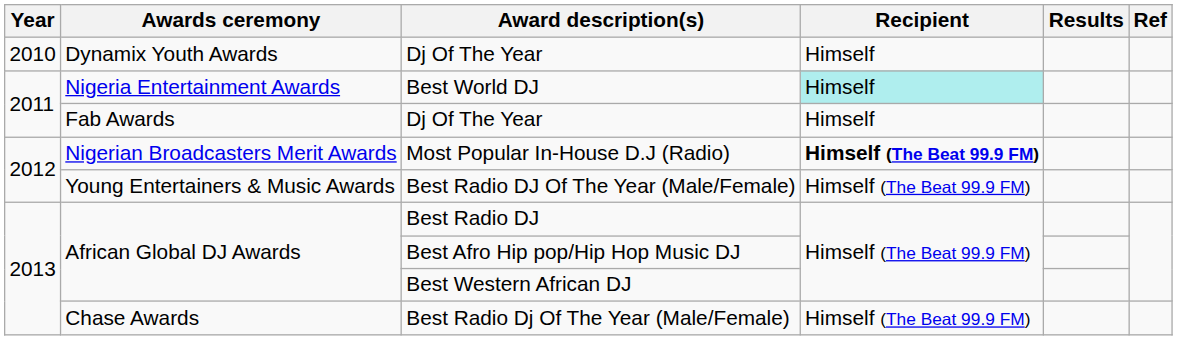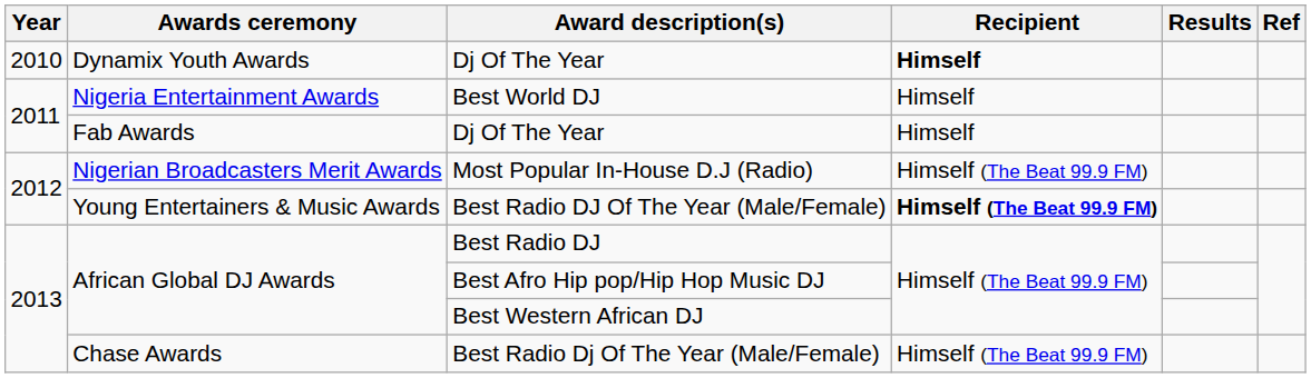 <table class="wikitable">
 <tr>
 <th>Year</th>
 <th>Awards ceremony</th>
 <th>Award description(s)</th>
 <th>Recipient</th>
 <th>Results</th>
 <th>Ref</th>
 </tr>
 <tr>
 <td>2010</td>
 <td>Dynamix Youth Awards</td>
 <td>Dj Of The Year</td>
-<td>Himself</td>
+<td><strong>Himself</strong></td>
 <td></td>
 <td></td>
 </tr>
 <tr>
 <td rowspan="2">2011</td>
 <td><a href='#'>Nigeria Entertainment Awards</a></td>
 <td>Best World DJ</td>
-<td style="background: paleturquoise;">Himself</td>
+<td>Himself</td>
 <td></td>
 <td></td>
 </tr>
 <tr>
 <td>Fab Awards</td>
 <td>Dj Of The Year</td>
 <td>Himself</td>
 <td></td>
 <td></td>
 </tr>
 <tr>
 <td rowspan="2">2012</td>
 <td><a href='#'>Nigerian Broadcasters Merit Awards</a></td>
 <td>Most Popular In-House D.J (Radio)</td>
-<td><strong>Himself <small>(<a href='#'>The Beat 99.9 FM</a>)</small></strong></td>
+<td>Himself <small>(<a href='#'>The Beat 99.9 FM</a>)</small></td>
 <td></td>
 <td></td>
 </tr>
 <tr>
 <td>Young Entertainers & Music Awards</td>
 <td>Best Radio DJ Of The Year (Male/Female)</td>
-<td>Himself <small>(<a href='#'>The Beat 99.9 FM</a>)</small></td>
+<td><strong>Himself <small>(<a href='#'>The Beat 99.9 FM</a>)</small></strong></td>
 <td></td>
 <td></td>
 </tr>
 <tr>
 <td rowspan="4">2013</td>
 <td rowspan="3">African Global DJ Awards</td>
 <td>Best Radio DJ</td>
 <td rowspan="3">Himself <small>(<a href='#'>The Beat 99.9 FM</a>)</small></td>
 <td></td>
 <td rowspan="3"></td>
 </tr>
 <tr>
 <td>Best Afro Hip pop/Hip Hop Music DJ</td>
 <td></td>
 </tr>
 <tr>
 <td>Best Western African DJ</td>
 <td></td>
 </tr>
 <tr>
 <td>Chase Awards</td>
 <td>Best Radio Dj Of The Year (Male/Female)</td>
 <td>Himself <small>(<a href='#'>The Beat 99.9 FM</a>)</small></td>
 <td></td>
 <td></td>
 </tr>
 </table>
